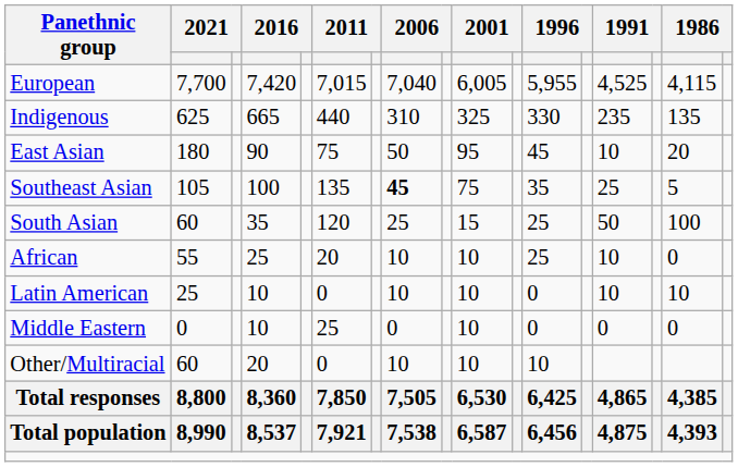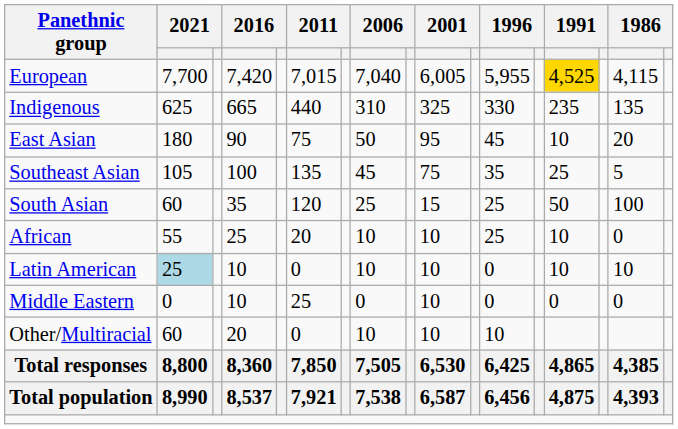 <table class="wikitable collapsible sortable">
 <tr>
 <th rowspan="2"><a href='#'>Panethnic</a><br>group</th>
 <th colspan="2">2021</th>
 <th colspan="2">2016</th>
 <th colspan="2">2011</th>
 <th colspan="2">2006</th>
 <th colspan="2">2001</th>
 <th colspan="2">1996</th>
 <th colspan="2">1991</th>
 <th colspan="2">1986</th>
 </tr>
 <tr>
 <th><a href='#'></a></th>
 <th></th>
 <th></th>
 <th></th>
 <th></th>
 <th></th>
 <th></th>
 <th></th>
 <th></th>
 <th></th>
 <th></th>
 <th></th>
 <th></th>
 <th></th>
 <th></th>
 <th></th>
 </tr>
 <tr>
 <td><a href='#'>European</a></td>
 <td>7,700</td>
 <td></td>
 <td>7,420</td>
 <td></td>
 <td>7,015</td>
 <td></td>
 <td>7,040</td>
 <td></td>
 <td>6,005</td>
 <td></td>
 <td>5,955</td>
 <td></td>
-<td>4,525</td>
+<td style="background: gold;">4,525</td>
 <td></td>
 <td>4,115</td>
 <td></td>
 </tr>
 <tr>
 <td><a href='#'>Indigenous</a></td>
 <td>625</td>
 <td></td>
 <td>665</td>
 <td></td>
 <td>440</td>
 <td></td>
 <td>310</td>
 <td></td>
 <td>325</td>
 <td></td>
 <td>330</td>
 <td></td>
 <td>235</td>
 <td></td>
 <td>135</td>
 <td></td>
 </tr>
 <tr>
 <td><a href='#'>East Asian</a></td>
 <td>180</td>
 <td></td>
 <td>90</td>
 <td></td>
 <td>75</td>
 <td></td>
 <td>50</td>
 <td></td>
 <td>95</td>
 <td></td>
 <td>45</td>
 <td></td>
 <td>10</td>
 <td></td>
 <td>20</td>
 <td></td>
 </tr>
 <tr>
 <td><a href='#'>Southeast Asian</a></td>
 <td>105</td>
 <td></td>
 <td>100</td>
 <td></td>
 <td>135</td>
 <td></td>
-<td><strong>45</strong></td>
+<td>45</td>
 <td></td>
 <td>75</td>
 <td></td>
 <td>35</td>
 <td></td>
 <td>25</td>
 <td></td>
 <td>5</td>
 <td></td>
 </tr>
 <tr>
 <td><a href='#'>South Asian</a></td>
 <td>60</td>
 <td></td>
 <td>35</td>
 <td></td>
 <td>120</td>
 <td></td>
 <td>25</td>
 <td></td>
 <td>15</td>
 <td></td>
 <td>25</td>
 <td></td>
 <td>50</td>
 <td></td>
 <td>100</td>
 <td></td>
 </tr>
 <tr>
 <td><a href='#'>African</a></td>
 <td>55</td>
 <td></td>
 <td>25</td>
 <td></td>
 <td>20</td>
 <td></td>
 <td>10</td>
 <td></td>
 <td>10</td>
 <td></td>
 <td>25</td>
 <td></td>
 <td>10</td>
 <td></td>
 <td>0</td>
 <td></td>
 </tr>
 <tr>
 <td><a href='#'>Latin American</a></td>
-<td>25</td>
+<td style="background: lightblue;">25</td>
 <td></td>
 <td>10</td>
 <td></td>
 <td>0</td>
 <td></td>
 <td>10</td>
 <td></td>
 <td>10</td>
 <td></td>
 <td>0</td>
 <td></td>
 <td>10</td>
 <td></td>
 <td>10</td>
 <td></td>
 </tr>
 <tr>
 <td><a href='#'>Middle Eastern</a></td>
 <td>0</td>
 <td></td>
 <td>10</td>
 <td></td>
 <td>25</td>
 <td></td>
 <td>0</td>
 <td></td>
 <td>10</td>
 <td></td>
 <td>0</td>
 <td></td>
 <td>0</td>
 <td></td>
 <td>0</td>
 <td></td>
 </tr>
 <tr>
 <td>Other/<a href='#'>Multiracial</a></td>
 <td>60</td>
 <td></td>
 <td>20</td>
 <td></td>
 <td>0</td>
 <td></td>
 <td>10</td>
 <td></td>
 <td>10</td>
 <td></td>
 <td>10</td>
 <td></td>
 <td></td>
 <td></td>
 <td></td>
 <td></td>
 </tr>
 <tr>
 <th>Total responses</th>
 <th>8,800</th>
 <th></th>
 <th>8,360</th>
 <th></th>
 <th>7,850</th>
 <th></th>
 <th>7,505</th>
 <th></th>
 <th>6,530</th>
 <th></th>
 <th>6,425</th>
 <th></th>
 <th>4,865</th>
 <th></th>
 <th>4,385</th>
 <th></th>
 </tr>
 <tr>
 <th>Total population</th>
 <th>8,990</th>
 <th></th>
 <th>8,537</th>
 <th></th>
 <th>7,921</th>
 <th></th>
 <th>7,538</th>
 <th></th>
 <th>6,587</th>
 <th></th>
 <th>6,456</th>
 <th></th>
 <th>4,875</th>
 <th></th>
 <th>4,393</th>
 <th></th>
 </tr>
 <tr class="sortbottom">
 <td colspan="20"></td>
 </tr>
 </table>
